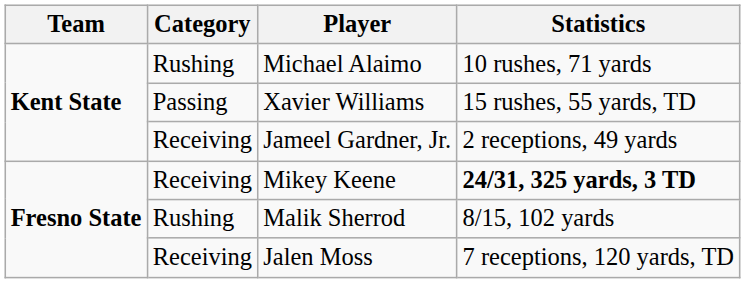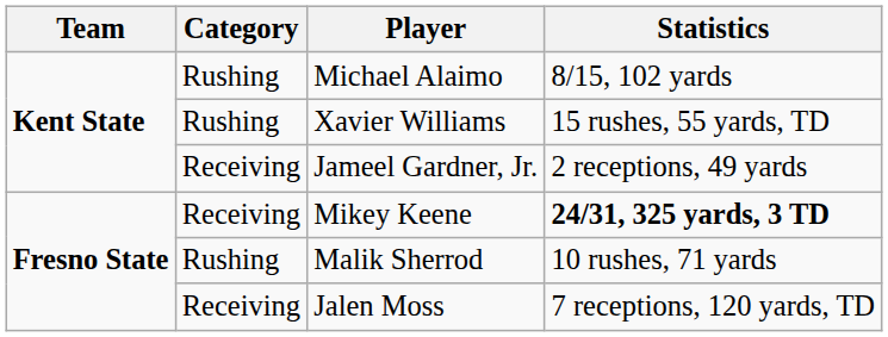 <table class="wikitable" style="float: right;">
 <tr>
 <th>Team</th>
 <th>Category</th>
 <th>Player</th>
 <th>Statistics</th>
 </tr>
 <tr>
 <td rowspan=3><strong>Kent State</strong></td>
 <td>Rushing</td>
 <td>Michael Alaimo</td>
-<td>10 rushes, 71 yards</td>
+<td>8/15, 102 yards</td>
 </tr>
 <tr>
-<td>Passing</td>
+<td>Rushing</td>
 <td>Xavier Williams</td>
 <td>15 rushes, 55 yards, TD</td>
 </tr>
 <tr>
 <td>Receiving</td>
 <td>Jameel Gardner, Jr.</td>
 <td>2 receptions, 49 yards</td>
 </tr>
 <tr>
 <td rowspan=3><strong>Fresno State</strong></td>
 <td>Receiving</td>
 <td>Mikey Keene</td>
 <td><strong>24/31, 325 yards, 3 TD</strong></td>
 </tr>
 <tr>
 <td>Rushing</td>
 <td>Malik Sherrod</td>
-<td>8/15, 102 yards</td>
+<td>10 rushes, 71 yards</td>
 </tr>
 <tr>
 <td>Receiving</td>
 <td>Jalen Moss</td>
 <td>7 receptions, 120 yards, TD</td>
 </tr>
 </table>
